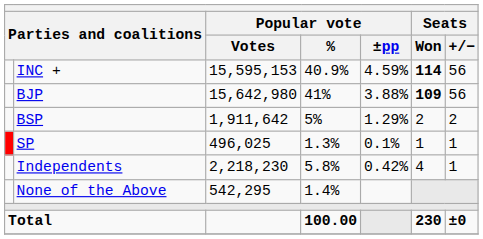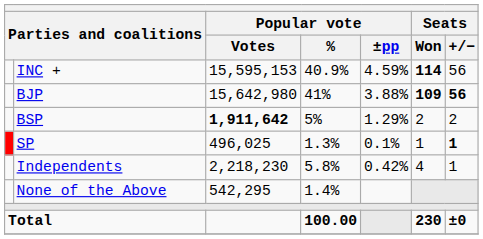 <table class="wikitable">
 <tr>
 <th colspan=7></th>
 </tr>
 <tr>
 <th colspan="2" rowspan="2">Parties and coalitions</th>
 <th colspan="3">Popular vote</th>
 <th colspan="2">Seats</th>
 </tr>
 <tr>
 <th>Votes</th>
 <th>%</th>
 <th>±<a href='#'>pp</a></th>
 <th>Won</th>
 <th><strong>+/−</strong></th>
 </tr>
 <tr>
 <td></td>
 <td><a href='#'>INC</a> +</td>
 <td>15,595,153</td>
 <td>40.9%</td>
 <td>4.59%</td>
 <td><strong>114</strong></td>
 <td>56</td>
 </tr>
 <tr>
 <td></td>
 <td><a href='#'>BJP</a></td>
 <td>15,642,980</td>
 <td>41%</td>
 <td>3.88%</td>
 <td><strong>109</strong></td>
-<td>56</td>
+<td><strong>56</strong></td>
 </tr>
 <tr>
 <td></td>
 <td><a href='#'>BSP</a></td>
-<td>1,911,642</td>
+<td><strong>1,911,642</strong></td>
 <td>5%</td>
 <td>1.29%</td>
 <td>2</td>
 <td>2</td>
 </tr>
 <tr>
 <td bgcolor="red"></td>
 <td><a href='#'>SP</a></td>
 <td>496,025</td>
 <td>1.3%</td>
 <td>0.1%</td>
 <td>1</td>
-<td>1</td>
+<td><strong>1</strong></td>
 </tr>
 <tr>
 <td></td>
 <td><a href='#'>Independents</a></td>
 <td>2,218,230</td>
 <td>5.8%</td>
 <td>0.42%</td>
 <td>4</td>
 <td>1</td>
 </tr>
 <tr>
 <td></td>
 <td><a href='#'>None of the Above</a></td>
 <td>542,295</td>
 <td>1.4%</td>
 <td></td>
 <td colspan="2" bgcolor="#E9E9E9"></td>
 </tr>
 <tr>
 <td colspan="7" bgcolor="#E9E9E9"></td>
 </tr>
 <tr style="font-weight:bold;">
 <td align="left" colspan="2">Total</td>
 <td></td>
 <td>100.00</td>
 <td bgcolor="#E9E9E9"></td>
 <td>230</td>
 <td>±0</td>
 </tr>
 <tr>
 </tr>
 </table>
